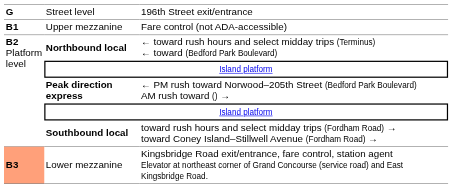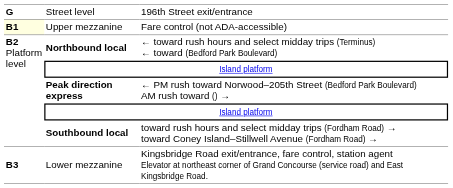 <table table border=0 cellspacing=0 cellpadding=3>
 <tr>
 <td style="border-top:solid 1px gray;" width=50><strong>G</strong></td>
 <td style="border-top:solid 1px gray;" width=150>Street level</td>
 <td style="border-top:solid 1px gray;" width=500>196th Street exit/entrance</td>
 </tr>
 <tr>
-<td style="border-top:solid 1px gray;"><strong>B1</strong></td>
+<td style="background: lightyellow; border-top:solid 1px gray;"><strong>B1</strong></td>
 <td style="border-top:solid 1px gray;">Upper mezzanine</td>
 <td style="border-top:solid 1px gray;">Fare control (not ADA-accessible)</td>
 </tr>
 <tr>
 <td style="border-top:solid 1px gray;border-bottom:solid 1px gray;" rowspan=5 valign=top><strong>B2</strong><br>Platform level</td>
 <td style="border-top:solid 1px gray;"><span><strong>Northbound local</strong></span></td>
 <td style="border-top:solid 1px gray;">←  toward  rush hours and select midday trips <small>(Terminus)</small><br>←  toward  <small>(Bedford Park Boulevard)</small></td>
 </tr>
 <tr>
 <td style="border-top:solid 2px black;border-right:solid 2px black;border-left:solid 2px black;border-bottom:solid 2px black;text-align:center;" colspan=2><small><a href='#'>Island platform</a> </small></td>
 </tr>
 <tr>
 <td><span><strong>Peak direction express</strong></span></td>
 <td>←  PM rush toward Norwood–205th Street <small>(Bedford Park Boulevard)</small><br>  AM rush toward  <small>()</small> →</td>
 </tr>
 <tr>
 <td style="border-top:solid 2px black;border-right:solid 2px black;border-left:solid 2px black;border-bottom:solid 2px black;text-align:center;" colspan=2><small><a href='#'>Island platform</a> </small></td>
 </tr>
 <tr>
 <td style="border-bottom:solid 1px gray;"><span><strong>Southbound local</strong></span></td>
 <td style="border-bottom:solid 1px gray;">  toward  rush hours and select midday trips <small>(Fordham Road)</small> →<br>  toward Coney Island–Stillwell Avenue <small>(Fordham Road)</small> →</td>
 </tr>
 <tr>
-<td style="background: lightsalmon; border-bottom:solid 1px gray;"><strong>B3</strong></td>
+<td style="border-bottom:solid 1px gray;"><strong>B3</strong></td>
 <td style="border-bottom:solid 1px gray;">Lower mezzanine</td>
 <td style="border-bottom:solid 1px gray;">Kingsbridge Road exit/entrance, fare control, station agent<br> <small>Elevator at northeast corner of Grand Concourse (service road) and East Kingsbridge Road.</small></td>
 </tr>
 </table>
